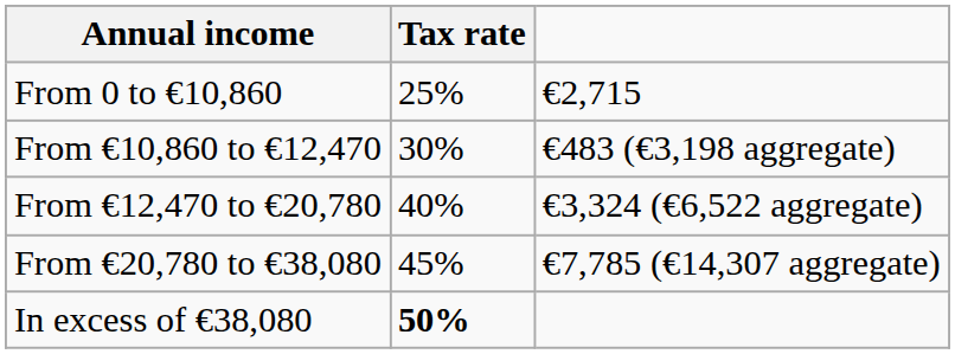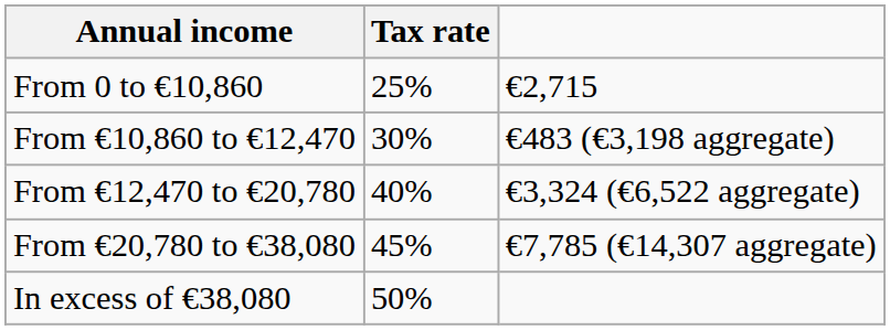 <table class="wikitable">
 <tr>
 <th>Annual income</th>
 <th>Tax rate</th>
 </tr>
 <tr>
 <td>From 0 to €10,860</td>
 <td>25%</td>
 <td>€2,715</td>
 </tr>
 <tr>
 <td>From €10,860 to €12,470</td>
 <td>30%</td>
 <td>€483 (€3,198 aggregate)</td>
 </tr>
 <tr>
 <td>From €12,470  to €20,780</td>
 <td>40%</td>
 <td>€3,324 (€6,522 aggregate)</td>
 </tr>
 <tr>
 <td>From €20,780 to €38,080</td>
 <td>45%</td>
 <td>€7,785 (€14,307 aggregate)</td>
 </tr>
 <tr>
 <td>In excess of €38,080</td>
-<td><strong>50%</strong></td>
+<td>50%</td>
 </tr>
 </table>
